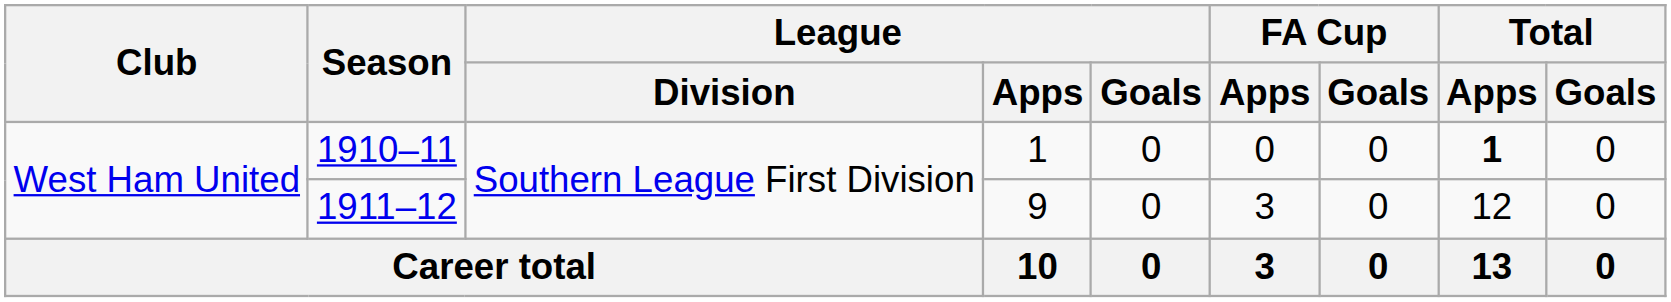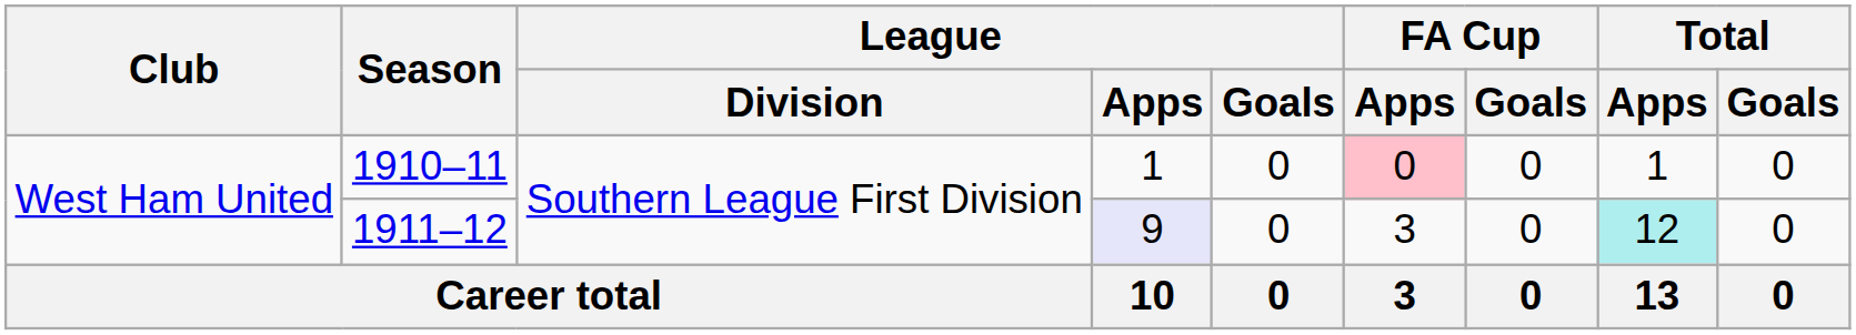 <table class="wikitable" style="text-align: center;">
 <tr>
 <th rowspan="2">Club</th>
 <th rowspan="2">Season</th>
 <th colspan="3">League</th>
 <th colspan="2">FA Cup</th>
 <th colspan="2">Total</th>
 </tr>
 <tr>
 <th>Division</th>
 <th>Apps</th>
 <th>Goals</th>
 <th>Apps</th>
 <th>Goals</th>
 <th>Apps</th>
 <th>Goals</th>
 </tr>
 <tr>
 <td rowspan="2"><a href='#'>West Ham United</a></td>
 <td><a href='#'>1910–11</a></td>
 <td rowspan="2"><a href='#'>Southern League</a> First Division</td>
 <td>1</td>
 <td>0</td>
+<td style="background: pink;">0</td>
 <td>0</td>
-<td>0</td>
-<td><strong>1</strong></td>
+<td>1</td>
 <td>0</td>
 </tr>
 <tr>
 <td><a href='#'>1911–12</a></td>
-<td>9</td>
+<td style="background: lavender;">9</td>
 <td>0</td>
 <td>3</td>
 <td>0</td>
-<td>12</td>
+<td style="background: paleturquoise;">12</td>
 <td>0</td>
 </tr>
 <tr>
 <th colspan="3">Career total</th>
 <th>10</th>
 <th>0</th>
 <th>3</th>
 <th>0</th>
 <th>13</th>
 <th>0</th>
 </tr>
 </table>
